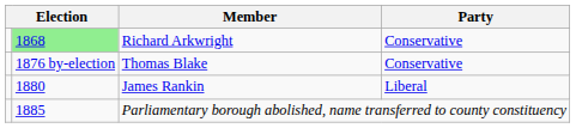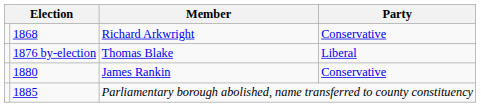 <table class="wikitable">
 <tr>
 <th colspan="2">Election</th>
 <th>Member</th>
 <th>Party</th>
 </tr>
 <tr>
 <td style="color:inherit;background-color: "></td>
-<td style="background: lightgreen;"><a href='#'>1868</a></td>
+<td><a href='#'>1868</a></td>
 <td><a href='#'>Richard Arkwright</a></td>
 <td><a href='#'>Conservative</a></td>
 </tr>
 <tr>
 <td style="color:inherit;background-color: "></td>
 <td><a href='#'>1876 by-election</a></td>
 <td><a href='#'>Thomas Blake</a></td>
-<td><a href='#'>Conservative</a></td>
+<td><a href='#'>Liberal</a></td>
 </tr>
 <tr>
 <td style="color:inherit;background-color: "></td>
 <td><a href='#'>1880</a></td>
 <td><a href='#'>James Rankin</a></td>
-<td><a href='#'>Liberal</a></td>
+<td><a href='#'>Conservative</a></td>
 </tr>
 <tr>
 <td></td>
 <td><a href='#'>1885</a></td>
 <td colspan="3"><em>Parliamentary borough abolished, name transferred to county constituency</em></td>
 </tr>
 </table>
